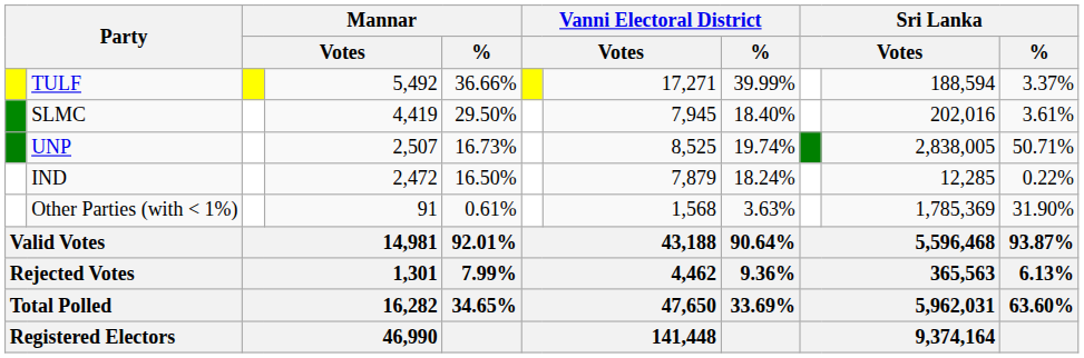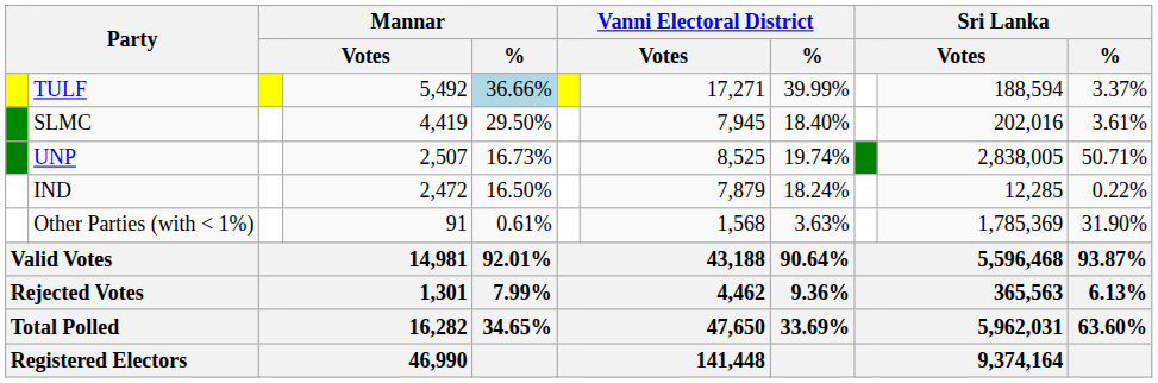 <table class="wikitable">
 <tr>
 <th colspan="2" width="144px"rowspan="2">Party</th>
 <th colspan="3" width="216px">Mannar</th>
 <th colspan="3" width="216px"><a href='#'>Vanni Electoral District</a></th>
 <th colspan="3" width="216px">Sri Lanka</th>
 </tr>
 <tr>
 <th colspan="2" width="144px">Votes</th>
 <th>%</th>
 <th colspan="2" width="144px">Votes</th>
 <th>%</th>
 <th colspan="2" width="144px">Votes</th>
 <th>%</th>
 </tr>
 <tr>
 <td style="background-color:yellow;" width="10px"></td>
 <td style="text-align:left;"><a href='#'>TULF</a></td>
 <td style="background-color:yellow;" width="10px"></td>
 <td style="text-align:right;">5,492</td>
-<td style="text-align:right;">36.66%</td>
+<td style="background: lightblue; text-align:right;">36.66%</td>
 <td style="background-color:yellow;" width="10px"></td>
 <td style="text-align:right;">17,271</td>
 <td style="text-align:right;">39.99%</td>
 <td style="background-color:white;" width="10px"></td>
 <td style="text-align:right;">188,594</td>
 <td style="text-align:right;">3.37%</td>
 </tr>
 <tr>
 <td style="background-color:#008800;" width="10px"></td>
 <td style="text-align:left;">SLMC</td>
 <td style="background-color:white;" width="10px"></td>
 <td style="text-align:right;">4,419</td>
 <td style="text-align:right;">29.50%</td>
 <td style="background-color:white;" width="10px"></td>
 <td style="text-align:right;">7,945</td>
 <td style="text-align:right;">18.40%</td>
 <td style="background-color:white;" width="10px"></td>
 <td style="text-align:right;">202,016</td>
 <td style="text-align:right;">3.61%</td>
 </tr>
 <tr>
 <td style="background-color:green;" width="10px"></td>
 <td style="text-align:left;"><a href='#'>UNP</a></td>
 <td style="background-color:white;" width="10px"></td>
 <td style="text-align:right;">2,507</td>
 <td style="text-align:right;">16.73%</td>
 <td style="background-color:white;" width="10px"></td>
 <td style="text-align:right;">8,525</td>
 <td style="text-align:right;">19.74%</td>
 <td style="background-color:green;" width="10px"></td>
 <td style="text-align:right;">2,838,005</td>
 <td style="text-align:right;">50.71%</td>
 </tr>
 <tr>
 <td style="background-color:white;" width="10px"></td>
 <td style="text-align:left;">IND</td>
 <td style="background-color:white;" width="10px"></td>
 <td style="text-align:right;">2,472</td>
 <td style="text-align:right;">16.50%</td>
 <td style="background-color:white;" width="10px"></td>
 <td style="text-align:right;">7,879</td>
 <td style="text-align:right;">18.24%</td>
 <td style="background-color:white;" width="10px"></td>
 <td style="text-align:right;">12,285</td>
 <td style="text-align:right;">0.22%</td>
 </tr>
 <tr>
 <td style="background-color:white;" width="10px"></td>
 <td style="text-align:left;">Other Parties (with < 1%)</td>
 <td style="background-color:white;" width="10px"></td>
 <td style="text-align:right;">91</td>
 <td style="text-align:right;">0.61%</td>
 <td style="background-color:white;" width="10px"></td>
 <td style="text-align:right;">1,568</td>
 <td style="text-align:right;">3.63%</td>
 <td style="background-color:white;" width="10px"></td>
 <td style="text-align:right;">1,785,369</td>
 <td style="text-align:right;">31.90%</td>
 </tr>
 <tr>
 <th colspan="2" width="144px"style="text-align:left;">Valid Votes</th>
 <th style="text-align:right;"colspan="2" width="144px">14,981</th>
 <th style="text-align:right;">92.01%</th>
 <th style="text-align:right;"colspan="2" width="144px">43,188</th>
 <th style="text-align:right;">90.64%</th>
 <th style="text-align:right;"colspan="2" width="144px">5,596,468</th>
 <th style="text-align:right;">93.87%</th>
 </tr>
 <tr>
 <th colspan="2" width="144px"style="text-align:left;">Rejected Votes</th>
 <th style="text-align:right;"colspan="2" width="144px">1,301</th>
 <th style="text-align:right;">7.99%</th>
 <th style="text-align:right;"colspan="2" width="144px">4,462</th>
 <th style="text-align:right;">9.36%</th>
 <th style="text-align:right;"colspan="2" width="144px">365,563</th>
 <th style="text-align:right;">6.13%</th>
 </tr>
 <tr>
 <th colspan="2" width="144px"style="text-align:left;">Total Polled</th>
 <th style="text-align:right;"colspan="2" width="144px">16,282</th>
 <th style="text-align:right;">34.65%</th>
 <th style="text-align:right;"colspan="2" width="144px">47,650</th>
 <th style="text-align:right;">33.69%</th>
 <th style="text-align:right;"colspan="2" width="144px">5,962,031</th>
 <th style="text-align:right;">63.60%</th>
 </tr>
 <tr>
 <th colspan="2" width="144px"style="text-align:left;">Registered Electors</th>
 <th style="text-align:right;"colspan="2" width="144px">46,990</th>
 <th></th>
 <th style="text-align:right;"colspan="2" width="144px">141,448</th>
 <th></th>
 <th style="text-align:right;"colspan="2" width="144px">9,374,164</th>
 <th></th>
 </tr>
 </table>
